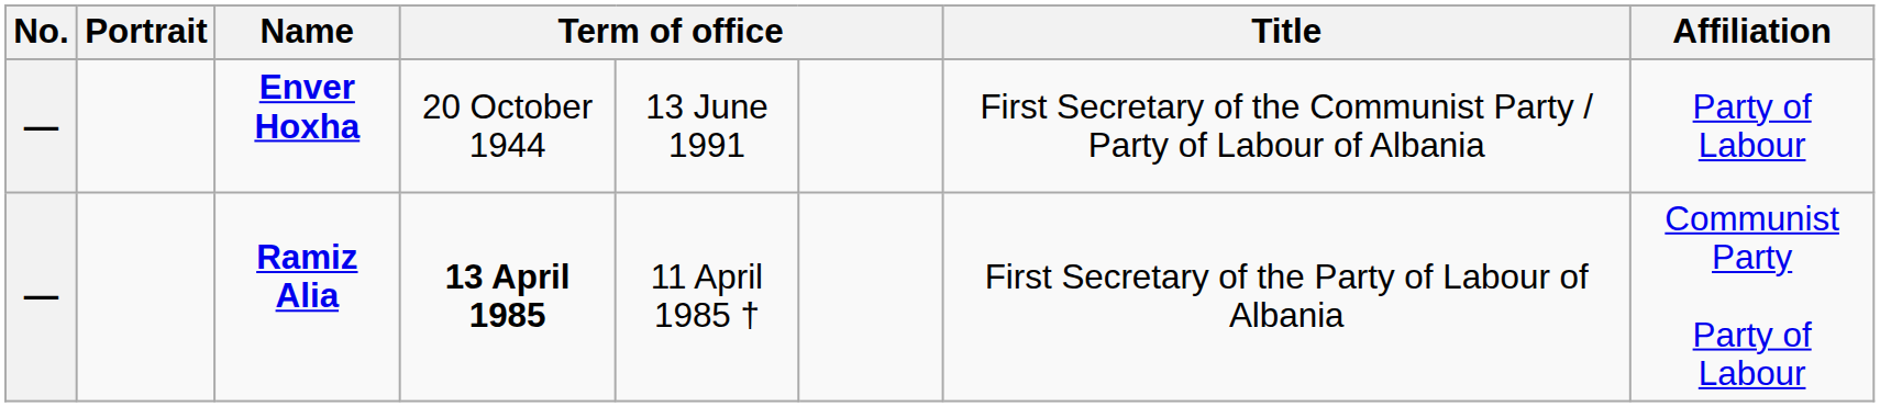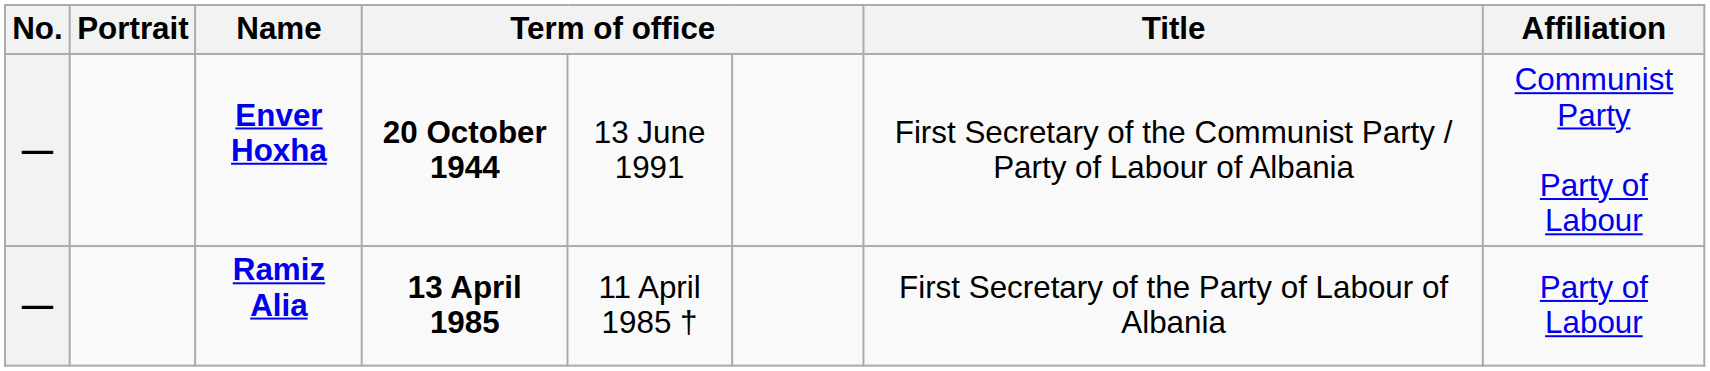 <table class="wikitable" style="text-align:center;">
 <tr>
 <th>No.</th>
 <th>Portrait</th>
 <th>Name</th>
 <th colspan="3">Term of office</th>
 <th>Title</th>
 <th>Affiliation</th>
 </tr>
 <tr>
 <th style="background:">―</th>
 <td></td>
 <td><strong><a href='#'>Enver Hoxha</a></strong><br><br></td>
-<td>20 October 1944</td>
+<td><strong>20 October 1944</strong></td>
 <td>13 June 1991</td>
 <td width="60px"><em></em></td>
 <td>First Secretary of the Communist Party / Party of Labour of Albania</td>
-<td><a href='#'>Party of Labour</a></td>
+<td><a href='#'>Communist Party</a><br><br><a href='#'>Party of Labour</a></td>
 </tr>
 <tr>
 <th style="background:">―</th>
 <td></td>
 <td><strong><a href='#'>Ramiz Alia</a></strong><br><br></td>
 <td><strong>13 April 1985</strong></td>
 <td>11 April 1985 †</td>
 <td><em></em></td>
 <td>First Secretary of the Party of Labour of Albania</td>
-<td><a href='#'>Communist Party</a><br><br><a href='#'>Party of Labour</a></td>
+<td><a href='#'>Party of Labour</a></td>
 </tr>
 </table>
